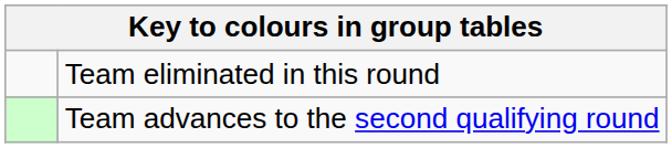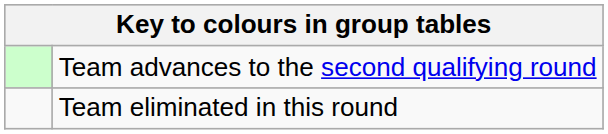 <table class="wikitable" style="text-align: center;">
 <tr>
 <th colspan=2>Key to colours in group tables</th>
 </tr>
 <tr>
+<td style="background:#cfc; width:22px;"></td>
+<td align=left>Team advances to the <a href='#'>second qualifying round</a></td>
+</tr>
+<tr>
 <td style="background:"></td>
 <td align=left>Team eliminated in this round</td>
 </tr>
-<tr>
-<td style="background:#cfc; width:22px;"></td>
-<td align=left>Team advances to the <a href='#'>second qualifying round</a></td>
-</tr>
 </table>
